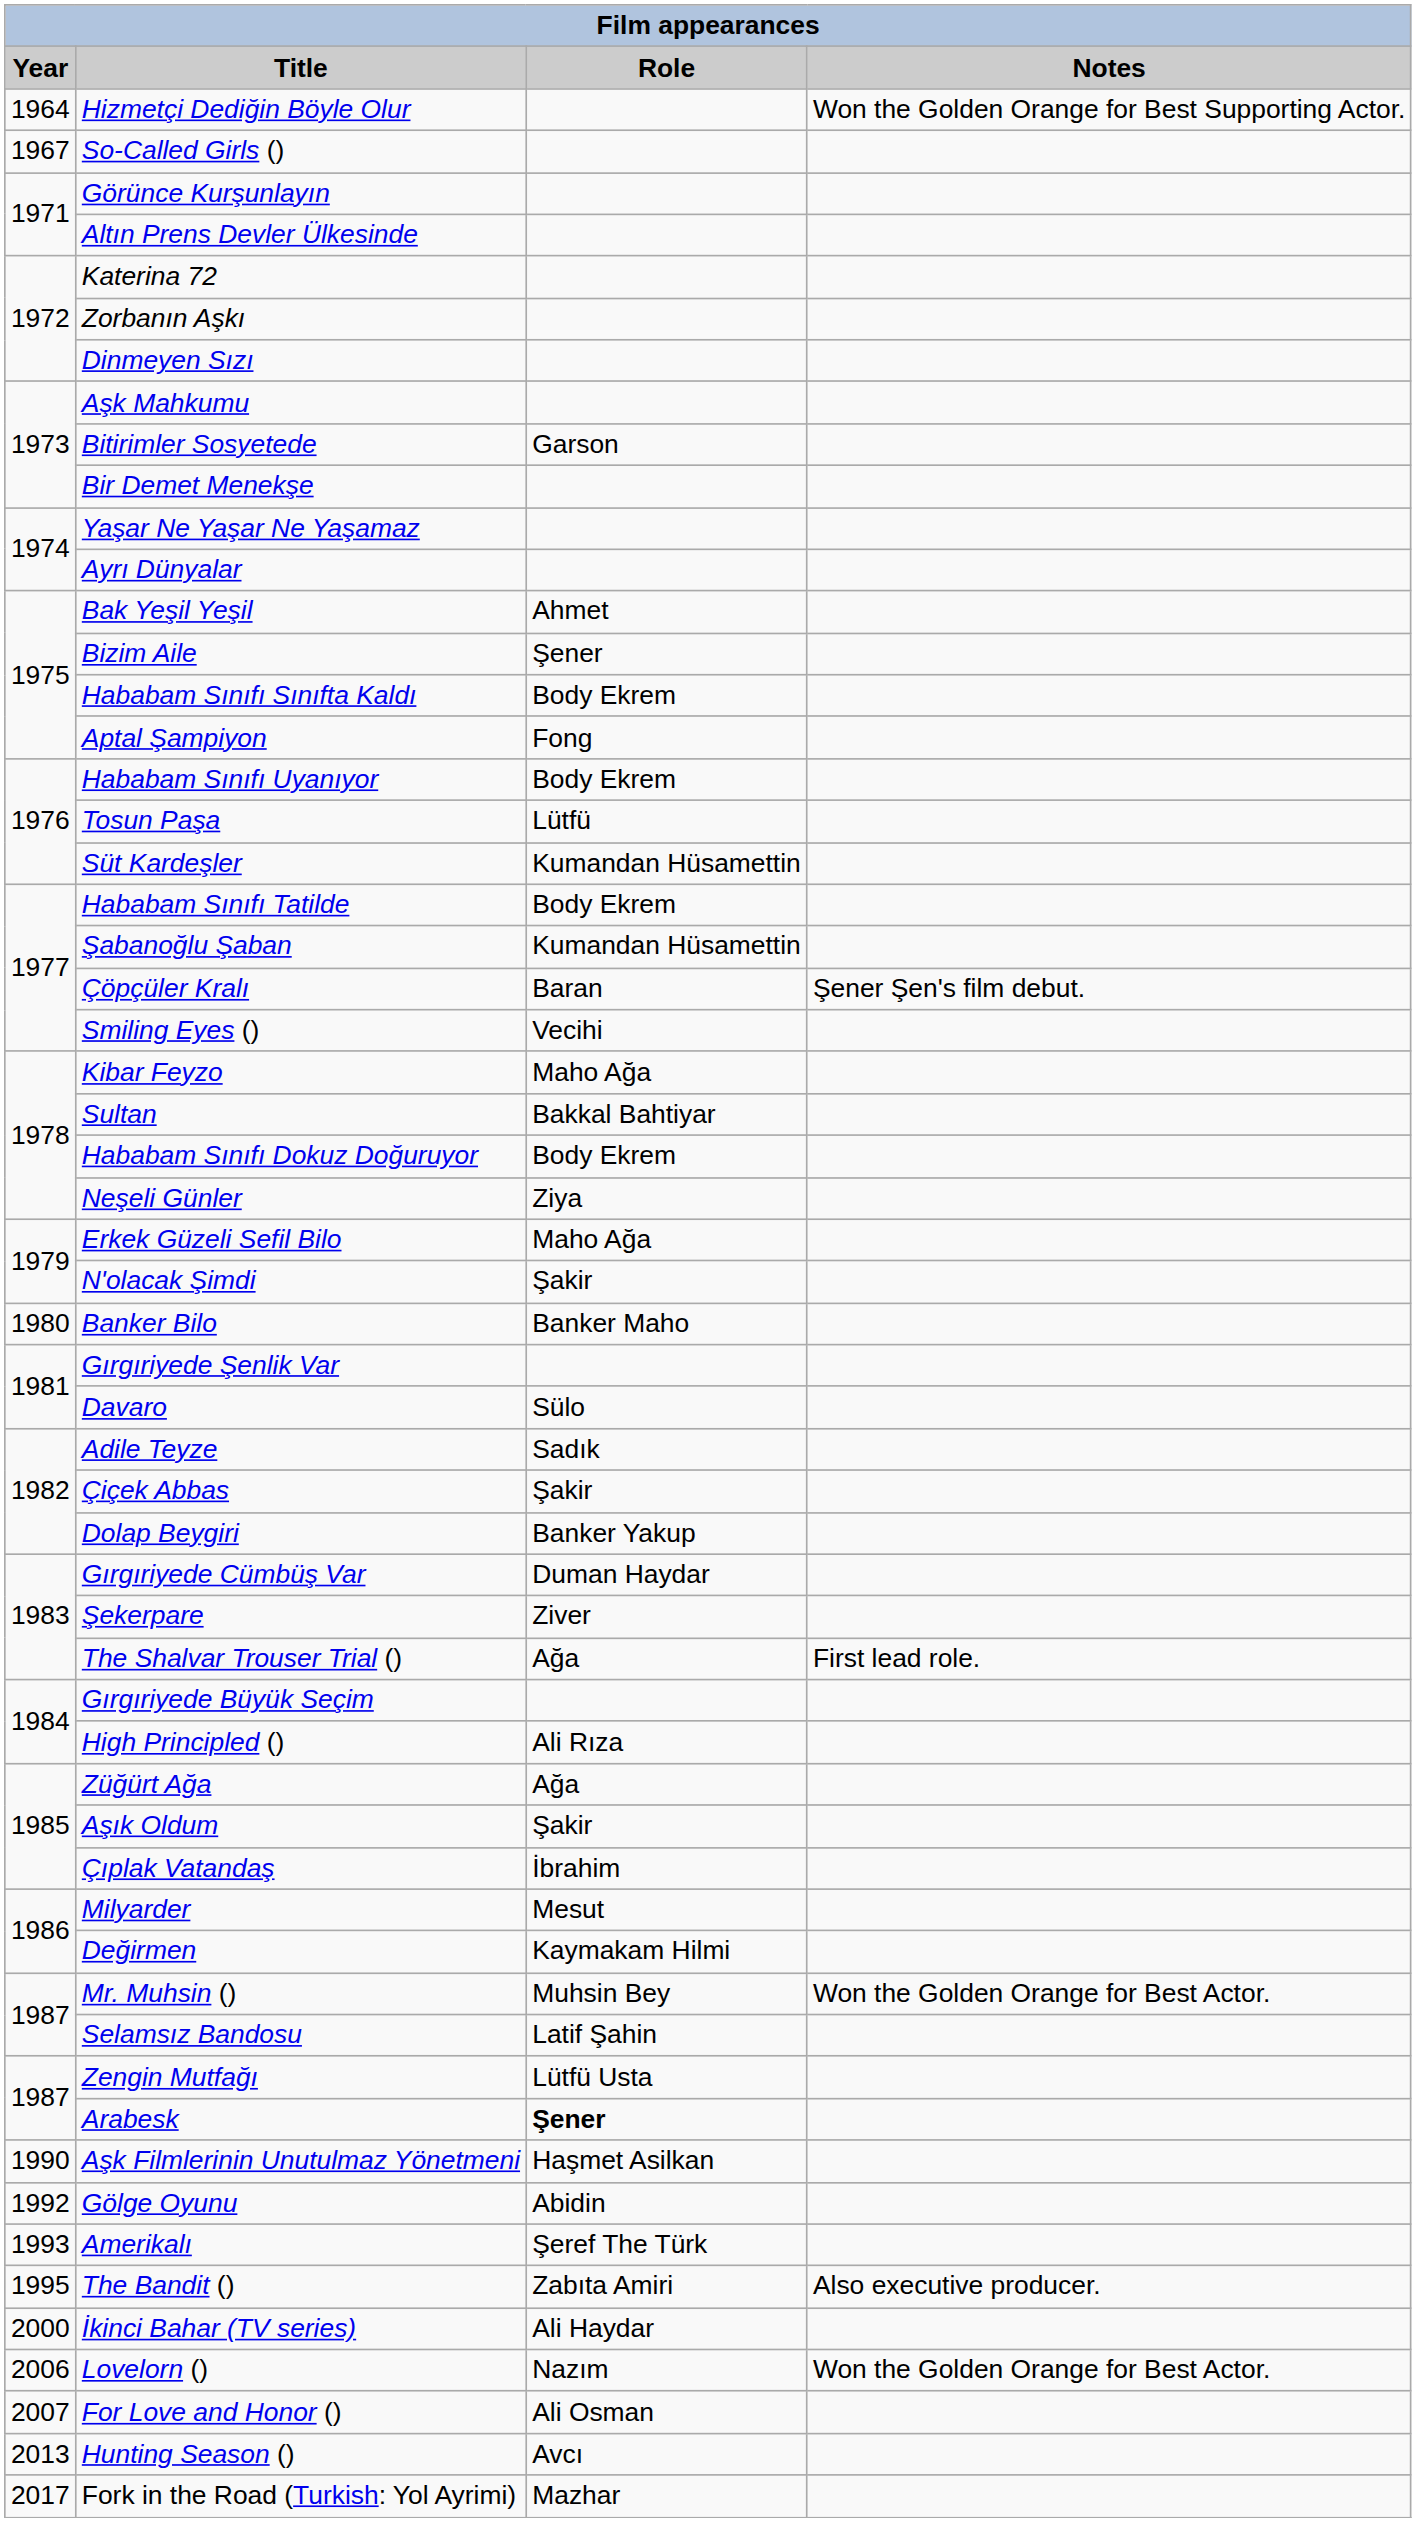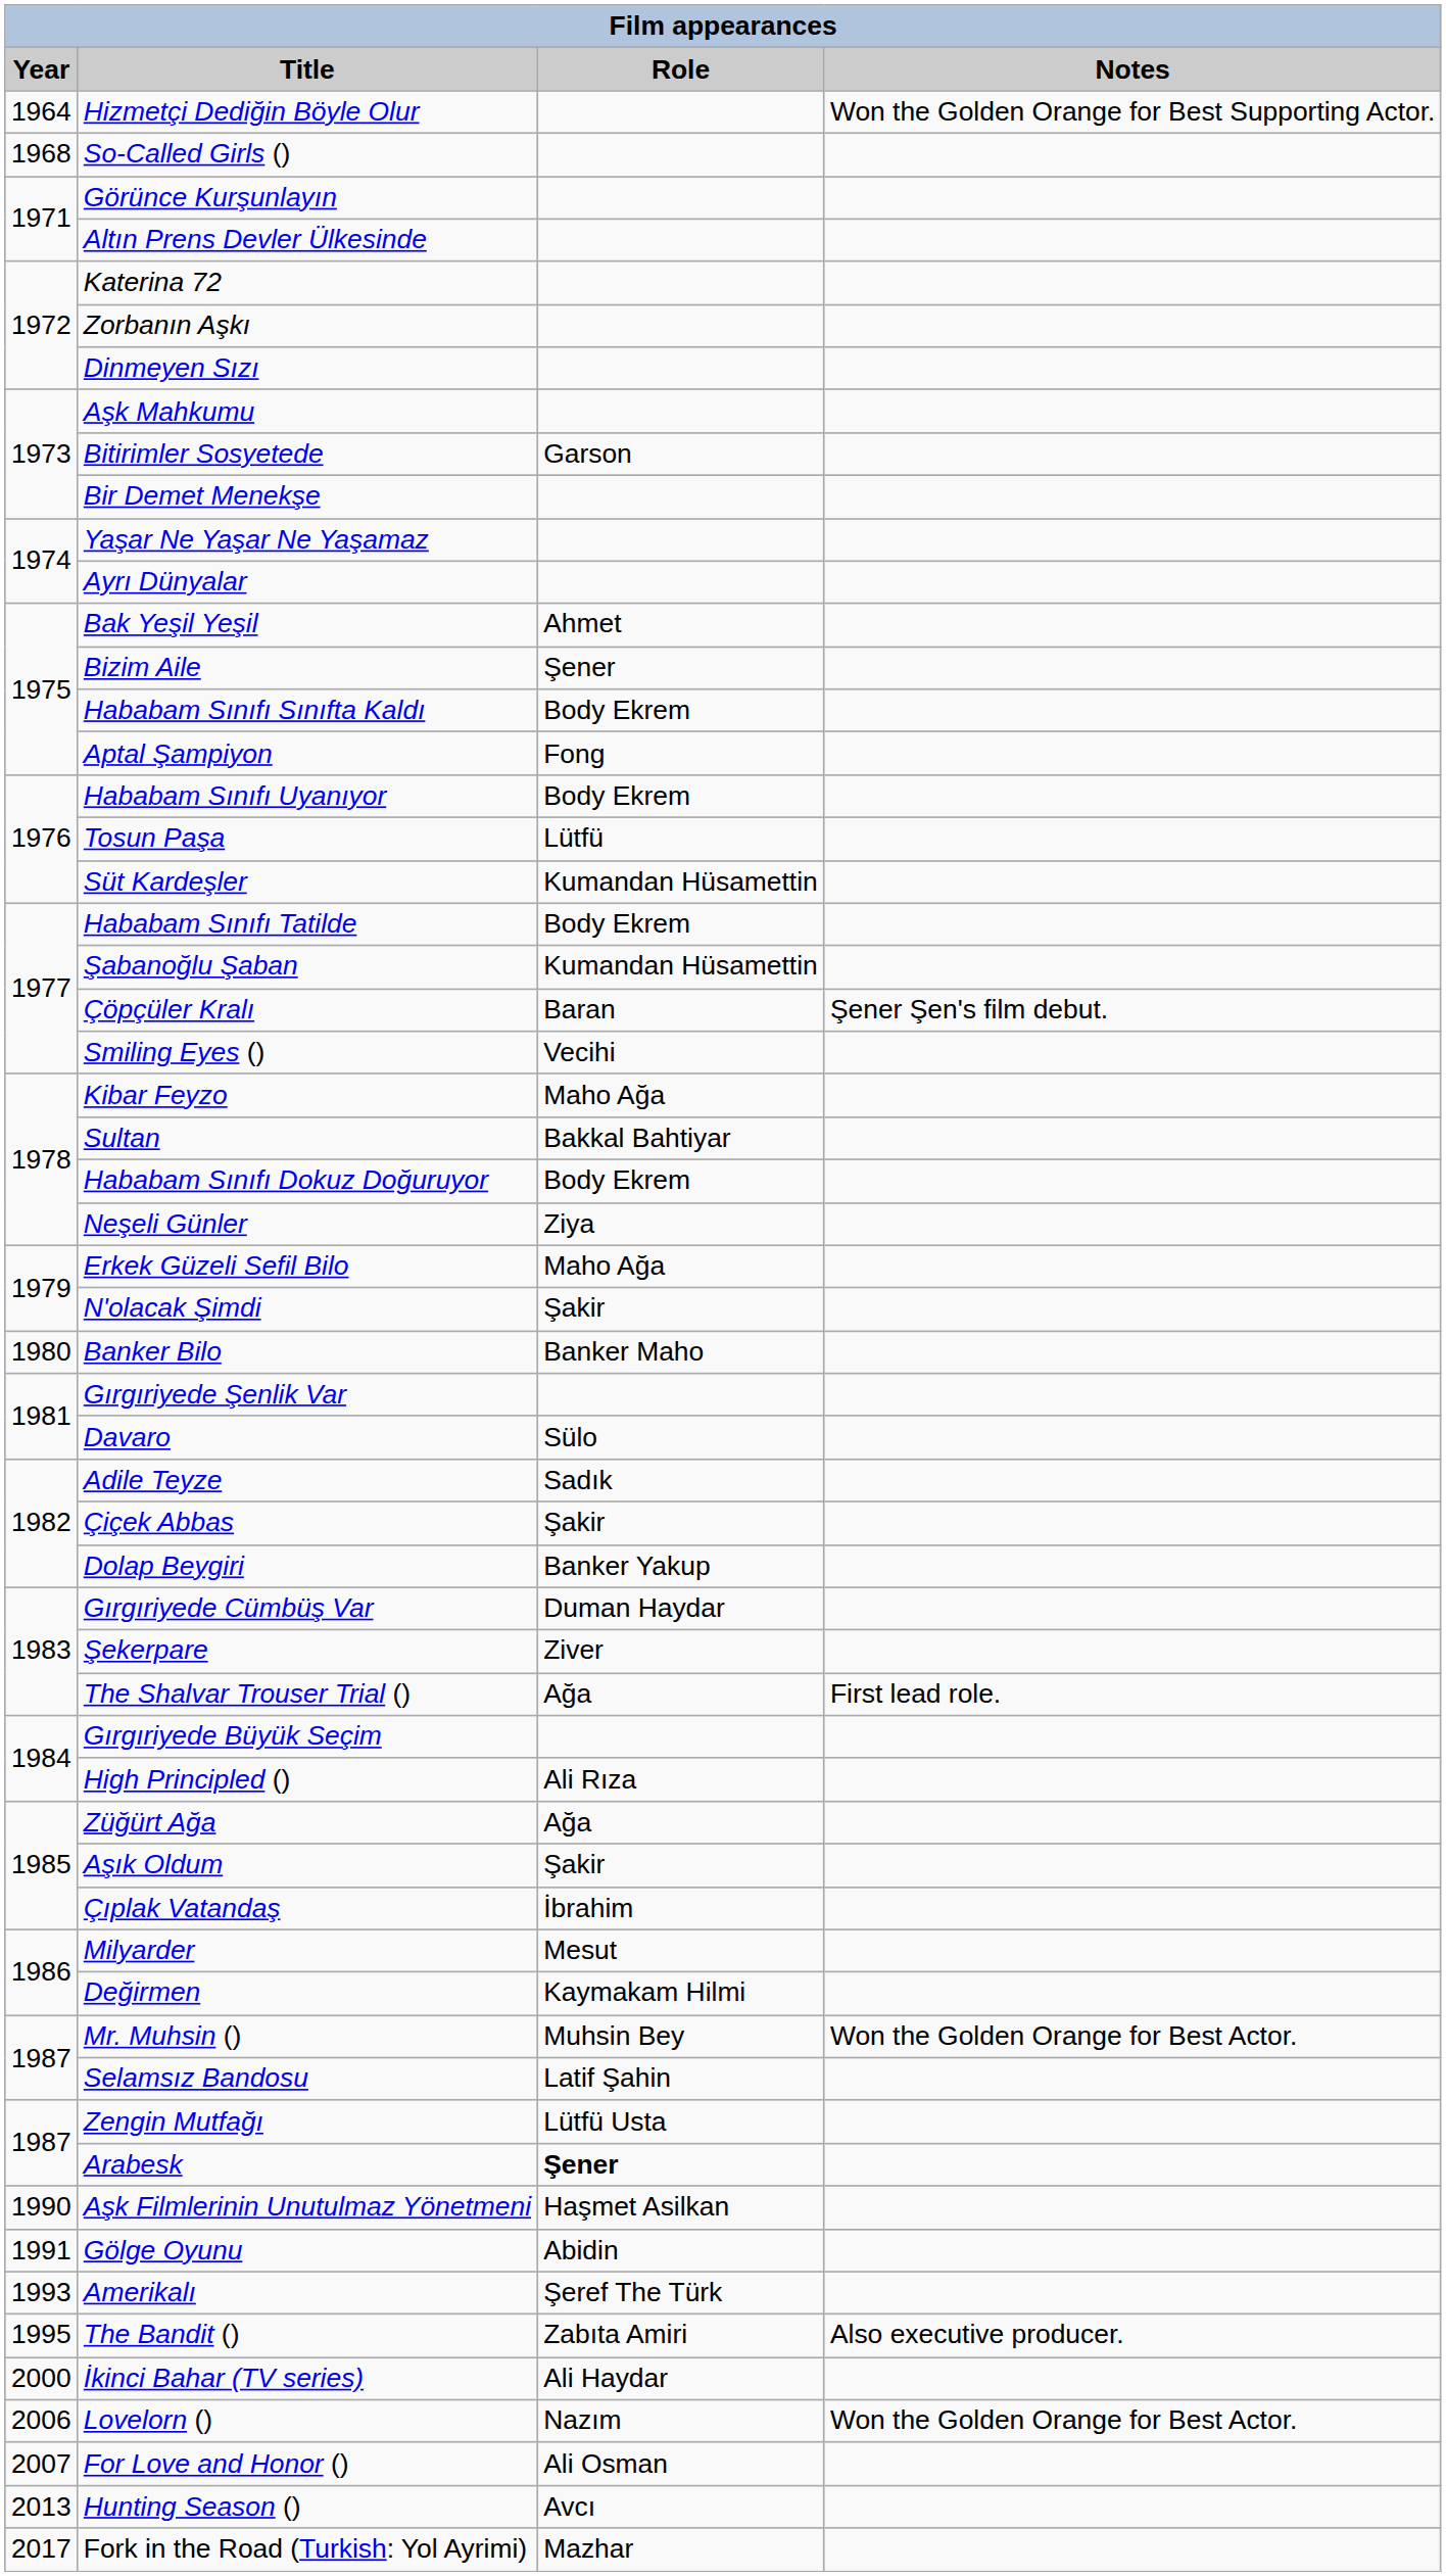 <table class="wikitable" | border="2" cellpadding="4" background: #f9f9f9;>
 <tr align="center">
 <th colspan=4 style="background:#B0C4DE;">Film appearances</th>
 </tr>
 <tr>
 <th style="background:#CCCCCC;">Year</th>
 <th style="background:#CCCCCC;">Title</th>
 <th style="background:#CCCCCC;">Role</th>
 <th class="unsortable" ! style="background:#CCCCCC;">Notes</th>
 </tr>
 <tr>
 <td>1964</td>
 <td><em><a href='#'>Hizmetçi Dediğin Böyle Olur</a></em></td>
 <td></td>
 <td>Won the Golden Orange for Best Supporting Actor.</td>
 </tr>
 <tr>
-<td>1967</td>
+<td>1968</td>
 <td><em><a href='#'>So-Called Girls</a></em> ()</td>
 <td></td>
 <td></td>
 </tr>
 <tr>
 <td rowspan="2">1971</td>
 <td><em><a href='#'>Görünce Kurşunlayın</a></em></td>
 <td></td>
 <td></td>
 </tr>
 <tr>
 <td><em><a href='#'>Altın Prens Devler Ülkesinde</a></em></td>
 <td></td>
 <td></td>
 </tr>
 <tr>
 <td rowspan="3">1972</td>
 <td><em>Katerina 72</em></td>
 <td></td>
 <td></td>
 </tr>
 <tr>
 <td><em>Zorbanın Aşkı</em></td>
 <td></td>
 <td></td>
 </tr>
 <tr>
 <td><em><a href='#'>Dinmeyen Sızı</a></em></td>
 <td></td>
 <td></td>
 </tr>
 <tr>
 <td rowspan="3">1973</td>
 <td><em><a href='#'>Aşk Mahkumu</a></em></td>
 <td></td>
 <td></td>
 </tr>
 <tr>
 <td><em><a href='#'>Bitirimler Sosyetede</a></em></td>
 <td>Garson</td>
 <td></td>
 </tr>
 <tr>
 <td><em><a href='#'>Bir Demet Menekşe</a></em></td>
 <td></td>
 <td></td>
 </tr>
 <tr>
 <td rowspan="2">1974</td>
 <td><em><a href='#'>Yaşar Ne Yaşar Ne Yaşamaz</a></em></td>
 <td></td>
 <td></td>
 </tr>
 <tr>
 <td><em><a href='#'>Ayrı Dünyalar</a></em></td>
 <td></td>
 <td></td>
 </tr>
 <tr>
 <td rowspan="4">1975</td>
 <td><em><a href='#'>Bak Yeşil Yeşil</a></em></td>
 <td>Ahmet</td>
 <td></td>
 </tr>
 <tr>
 <td><em><a href='#'>Bizim Aile</a></em></td>
 <td>Şener</td>
 <td></td>
 </tr>
 <tr>
 <td><em><a href='#'>Hababam Sınıfı Sınıfta Kaldı</a></em></td>
 <td>Body Ekrem</td>
 <td></td>
 </tr>
 <tr>
 <td><em><a href='#'>Aptal Şampiyon</a></em></td>
 <td>Fong</td>
 <td></td>
 </tr>
 <tr>
 <td rowspan="3">1976</td>
 <td><em><a href='#'>Hababam Sınıfı Uyanıyor</a></em></td>
 <td>Body Ekrem</td>
 <td></td>
 </tr>
 <tr>
 <td><em><a href='#'>Tosun Paşa</a></em></td>
 <td>Lütfü</td>
 <td></td>
 </tr>
 <tr>
 <td><em><a href='#'>Süt Kardeşler</a></em></td>
 <td>Kumandan Hüsamettin</td>
 <td></td>
 </tr>
 <tr>
 <td rowspan="4">1977</td>
 <td><em><a href='#'>Hababam Sınıfı Tatilde</a></em></td>
 <td>Body Ekrem</td>
 <td></td>
 </tr>
 <tr>
 <td><em><a href='#'>Şabanoğlu Şaban</a></em></td>
 <td>Kumandan Hüsamettin</td>
 <td></td>
 </tr>
 <tr>
 <td><em><a href='#'>Çöpçüler Kralı</a></em></td>
 <td>Baran</td>
 <td>Şener Şen's film debut.</td>
 </tr>
 <tr>
 <td><em><a href='#'>Smiling Eyes</a></em> ()</td>
 <td>Vecihi</td>
 <td></td>
 </tr>
 <tr>
 <td rowspan="4">1978</td>
 <td><em><a href='#'>Kibar Feyzo</a></em></td>
 <td>Maho Ağa</td>
 <td></td>
 </tr>
 <tr>
 <td><em><a href='#'>Sultan</a></em></td>
 <td>Bakkal Bahtiyar</td>
 <td></td>
 </tr>
 <tr>
 <td><em><a href='#'>Hababam Sınıfı Dokuz Doğuruyor</a></em></td>
 <td>Body Ekrem</td>
 <td></td>
 </tr>
 <tr>
 <td><em><a href='#'>Neşeli Günler</a></em></td>
 <td>Ziya</td>
 <td></td>
 </tr>
 <tr>
 <td rowspan="2">1979</td>
 <td><em><a href='#'>Erkek Güzeli Sefil Bilo</a></em></td>
 <td>Maho Ağa</td>
 <td></td>
 </tr>
 <tr>
 <td><em><a href='#'>N'olacak Şimdi</a></em></td>
 <td>Şakir</td>
 <td></td>
 </tr>
 <tr>
 <td>1980</td>
 <td><em><a href='#'>Banker Bilo</a></em></td>
 <td>Banker Maho</td>
 <td></td>
 </tr>
 <tr>
 <td rowspan="2">1981</td>
 <td><em><a href='#'>Gırgıriyede Şenlik Var</a></em></td>
 <td></td>
 <td></td>
 </tr>
 <tr>
 <td><em><a href='#'>Davaro</a></em></td>
 <td>Sülo</td>
 <td></td>
 </tr>
 <tr>
 <td rowspan="3">1982</td>
 <td><em><a href='#'>Adile Teyze</a></em></td>
 <td>Sadık</td>
 <td></td>
 </tr>
 <tr>
 <td><em><a href='#'>Çiçek Abbas</a></em></td>
 <td>Şakir</td>
 <td></td>
 </tr>
 <tr>
 <td><em><a href='#'>Dolap Beygiri</a></em></td>
 <td>Banker Yakup</td>
 <td></td>
 </tr>
 <tr>
 <td rowspan="3">1983</td>
 <td><em><a href='#'>Gırgıriyede Cümbüş Var</a></em></td>
 <td>Duman Haydar</td>
 <td></td>
 </tr>
 <tr>
 <td><em><a href='#'>Şekerpare</a></em></td>
 <td>Ziver</td>
 <td></td>
 </tr>
 <tr>
 <td><em><a href='#'>The Shalvar Trouser Trial</a></em> ()</td>
 <td>Ağa</td>
 <td>First lead role.</td>
 </tr>
 <tr>
 <td rowspan="2">1984</td>
 <td><em><a href='#'>Gırgıriyede Büyük Seçim</a></em></td>
 <td></td>
 <td></td>
 </tr>
 <tr>
 <td><em><a href='#'>High Principled</a></em>  ()</td>
 <td>Ali Rıza</td>
 <td></td>
 </tr>
 <tr>
 <td rowspan="3">1985</td>
 <td><em><a href='#'>Züğürt Ağa</a></em></td>
 <td>Ağa</td>
 <td></td>
 </tr>
 <tr>
 <td><em><a href='#'>Aşık Oldum</a></em></td>
 <td>Şakir</td>
 <td></td>
 </tr>
 <tr>
 <td><em><a href='#'>Çıplak Vatandaş</a></em></td>
 <td>İbrahim</td>
 <td></td>
 </tr>
 <tr>
 <td rowspan="2">1986</td>
 <td><em><a href='#'>Milyarder</a></em></td>
 <td>Mesut</td>
 <td></td>
 </tr>
 <tr>
 <td><em><a href='#'>Değirmen</a></em></td>
 <td>Kaymakam Hilmi</td>
 <td></td>
 </tr>
 <tr>
 <td rowspan="2">1987</td>
 <td><em><a href='#'>Mr. Muhsin</a></em>  ()</td>
 <td>Muhsin Bey</td>
 <td>Won the Golden Orange for Best Actor.</td>
 </tr>
 <tr>
 <td><em><a href='#'>Selamsız Bandosu</a></em></td>
 <td>Latif Şahin</td>
 <td></td>
 </tr>
 <tr>
 <td rowspan="2">1987</td>
 <td><em><a href='#'>Zengin Mutfağı</a> </em></td>
 <td>Lütfü Usta</td>
 <td></td>
 </tr>
 <tr>
 <td><em><a href='#'>Arabesk</a></em></td>
 <td><strong>Şener</strong></td>
 <td></td>
 </tr>
 <tr>
 <td>1990</td>
 <td><em><a href='#'>Aşk Filmlerinin Unutulmaz Yönetmeni</a></em></td>
 <td>Haşmet Asilkan</td>
 <td></td>
 </tr>
 <tr>
-<td>1992</td>
+<td>1991</td>
 <td><em><a href='#'>Gölge Oyunu</a></em></td>
 <td>Abidin</td>
 <td></td>
 </tr>
 <tr>
 <td>1993</td>
 <td><em><a href='#'>Amerikalı</a></em></td>
 <td>Şeref The Türk</td>
 <td></td>
 </tr>
 <tr>
 <td>1995</td>
 <td><em><a href='#'>The Bandit</a></em> ()</td>
 <td>Zabıta Amiri</td>
 <td>Also executive producer.</td>
 </tr>
 <tr>
 <td>2000</td>
 <td><em><a href='#'>İkinci Bahar (TV series)</a></em></td>
 <td>Ali Haydar</td>
 <td></td>
 </tr>
 <tr>
 <td>2006</td>
 <td><em><a href='#'>Lovelorn</a></em> ()</td>
 <td>Nazım</td>
 <td>Won the Golden Orange for Best Actor.</td>
 </tr>
 <tr>
 <td>2007</td>
 <td><em><a href='#'>For Love and Honor</a></em> ()</td>
 <td>Ali Osman</td>
 <td></td>
 </tr>
 <tr>
 <td>2013</td>
 <td><em><a href='#'>Hunting Season</a></em> ()</td>
 <td>Avcı</td>
 <td></td>
 </tr>
 <tr>
 <td>2017</td>
 <td>Fork in the Road (<a href='#'>Turkish</a>: Yol Ayrimi)</td>
 <td>Mazhar</td>
 <td></td>
 </tr>
 <tr>
 </tr>
 </table>
